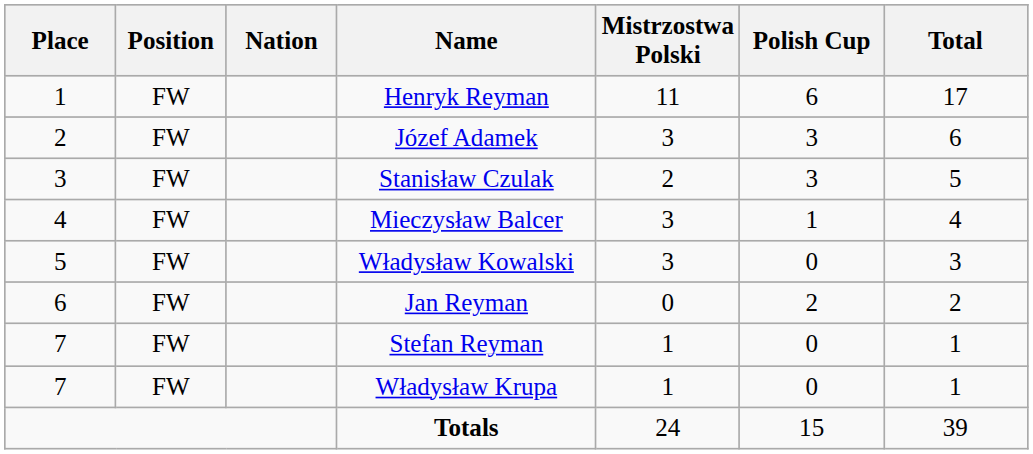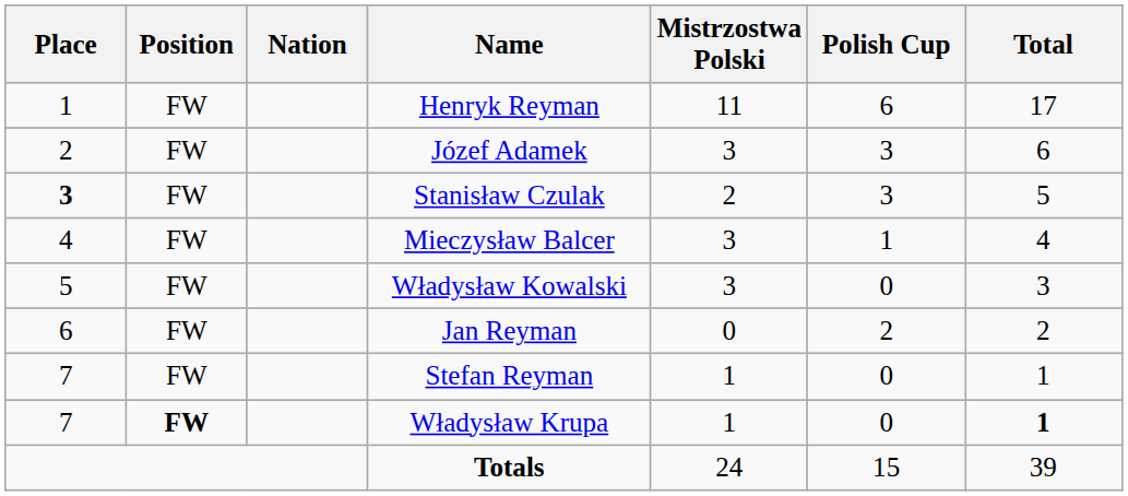 <table class="wikitable" style="font-size: 95%; text-align: center;">
 <tr>
 <th width=60>Place</th>
 <th width=60>Position</th>
 <th width=60>Nation</th>
 <th width=150>Name</th>
 <th width=80>Mistrzostwa Polski</th>
 <th width=80>Polish Cup</th>
 <th width=80><strong>Total</strong></th>
 </tr>
 <tr>
 <td>1</td>
 <td>FW</td>
 <td></td>
 <td><a href='#'>Henryk Reyman</a></td>
 <td>11</td>
 <td>6</td>
 <td>17</td>
 </tr>
 <tr>
 <td>2</td>
 <td>FW</td>
 <td></td>
 <td><a href='#'>Józef Adamek</a></td>
 <td>3</td>
 <td>3</td>
 <td>6</td>
 </tr>
 <tr>
-<td>3</td>
+<td><strong>3</strong></td>
 <td>FW</td>
 <td></td>
 <td><a href='#'>Stanisław Czulak</a></td>
 <td>2</td>
 <td>3</td>
 <td>5</td>
 </tr>
 <tr>
 <td>4</td>
 <td>FW</td>
 <td></td>
 <td><a href='#'>Mieczysław Balcer</a></td>
 <td>3</td>
 <td>1</td>
 <td>4</td>
 </tr>
 <tr>
 <td>5</td>
 <td>FW</td>
 <td></td>
 <td><a href='#'>Władysław Kowalski</a></td>
 <td>3</td>
 <td>0</td>
 <td>3</td>
 </tr>
 <tr>
 <td>6</td>
 <td>FW</td>
 <td></td>
 <td><a href='#'>Jan Reyman</a></td>
 <td>0</td>
 <td>2</td>
 <td>2</td>
 </tr>
 <tr>
 <td>7</td>
 <td>FW</td>
 <td></td>
 <td><a href='#'>Stefan Reyman</a></td>
 <td>1</td>
 <td>0</td>
 <td>1</td>
 </tr>
 <tr>
 <td>7</td>
-<td>FW</td>
+<td><strong>FW</strong></td>
 <td></td>
 <td><a href='#'>Władysław Krupa</a></td>
 <td>1</td>
 <td>0</td>
-<td>1</td>
+<td><strong>1</strong></td>
 </tr>
 <tr>
 <td colspan="3"></td>
 <td><strong>Totals</strong></td>
 <td>24</td>
 <td>15</td>
 <td>39</td>
 </tr>
 </table>
